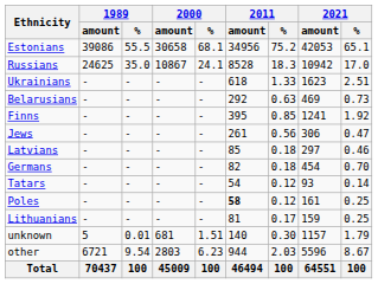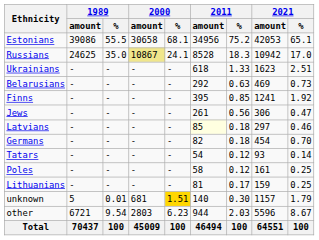 <table class="wikitable sortable mw-collapsible">
 <tr>
 <th rowspan="2">Ethnicity</th>
 <th colspan="2"><a href='#'>1989</a></th>
 <th colspan="2"><a href='#'>2000</a></th>
 <th colspan="2"><a href='#'>2011</a></th>
 <th colspan="2"><a href='#'>2021</a></th>
 </tr>
 <tr>
 <th>amount</th>
 <th>%</th>
 <th>amount</th>
 <th>%</th>
 <th>amount</th>
 <th>%</th>
 <th>amount</th>
 <th>%</th>
 </tr>
 <tr>
 <td><a href='#'>Estonians</a></td>
 <td>39086</td>
 <td>55.5</td>
 <td>30658</td>
 <td>68.1</td>
 <td>34956</td>
 <td>75.2</td>
 <td>42053</td>
 <td>65.1</td>
 </tr>
 <tr>
 <td><a href='#'>Russians</a></td>
 <td>24625</td>
 <td>35.0</td>
-<td>10867</td>
+<td style="background: khaki;">10867</td>
 <td>24.1</td>
 <td>8528</td>
 <td>18.3</td>
 <td>10942</td>
 <td>17.0</td>
 </tr>
 <tr>
 <td><a href='#'>Ukrainians</a></td>
 <td>-</td>
 <td>-</td>
 <td>-</td>
 <td>-</td>
 <td>618</td>
 <td>1.33</td>
 <td>1623</td>
 <td>2.51</td>
 </tr>
 <tr>
 <td><a href='#'>Belarusians</a></td>
 <td>-</td>
 <td>-</td>
 <td>-</td>
 <td>-</td>
 <td>292</td>
 <td>0.63</td>
 <td>469</td>
 <td>0.73</td>
 </tr>
 <tr>
 <td><a href='#'>Finns</a></td>
 <td>-</td>
 <td>-</td>
 <td>-</td>
 <td>-</td>
 <td>395</td>
 <td>0.85</td>
 <td>1241</td>
 <td>1.92</td>
 </tr>
 <tr>
 <td><a href='#'>Jews</a></td>
 <td>-</td>
 <td>-</td>
 <td>-</td>
 <td>-</td>
 <td>261</td>
 <td>0.56</td>
 <td>306</td>
 <td>0.47</td>
 </tr>
 <tr>
 <td><a href='#'>Latvians</a></td>
 <td>-</td>
 <td>-</td>
 <td>-</td>
 <td>-</td>
-<td>85</td>
+<td style="background: lightyellow;">85</td>
 <td>0.18</td>
 <td>297</td>
 <td>0.46</td>
 </tr>
 <tr>
 <td><a href='#'>Germans</a></td>
 <td>-</td>
 <td>-</td>
 <td>-</td>
 <td>-</td>
 <td>82</td>
 <td>0.18</td>
 <td>454</td>
 <td>0.70</td>
 </tr>
 <tr>
 <td><a href='#'>Tatars</a></td>
 <td>-</td>
 <td>-</td>
 <td>-</td>
 <td>-</td>
 <td>54</td>
 <td>0.12</td>
 <td>93</td>
 <td>0.14</td>
 </tr>
 <tr>
 <td><a href='#'>Poles</a></td>
 <td>-</td>
 <td>-</td>
 <td>-</td>
 <td>-</td>
-<td><strong>58</strong></td>
+<td>58</td>
 <td>0.12</td>
 <td>161</td>
 <td>0.25</td>
 </tr>
 <tr>
 <td><a href='#'>Lithuanians</a></td>
 <td>-</td>
 <td>-</td>
 <td>-</td>
 <td>-</td>
 <td>81</td>
 <td>0.17</td>
 <td>159</td>
 <td>0.25</td>
 </tr>
 <tr>
 <td>unknown</td>
 <td>5</td>
 <td>0.01</td>
 <td>681</td>
-<td>1.51</td>
+<td style="background: gold;">1.51</td>
 <td>140</td>
 <td>0.30</td>
 <td>1157</td>
 <td>1.79</td>
 </tr>
 <tr>
 <td>other</td>
 <td>6721</td>
 <td>9.54</td>
 <td>2803</td>
 <td>6.23</td>
 <td>944</td>
 <td>2.03</td>
 <td>5596</td>
 <td>8.67</td>
 </tr>
 <tr>
 <th>Total</th>
 <th>70437</th>
 <th>100</th>
 <th>45009</th>
 <th>100</th>
 <th>46494</th>
 <th>100</th>
 <th>64551</th>
 <th>100</th>
 </tr>
 </table>
